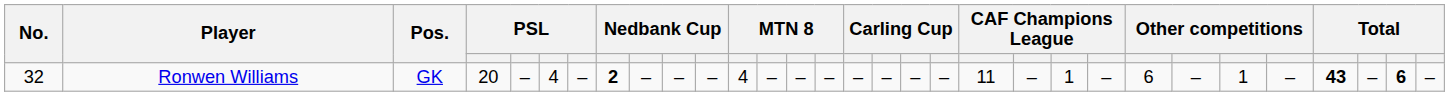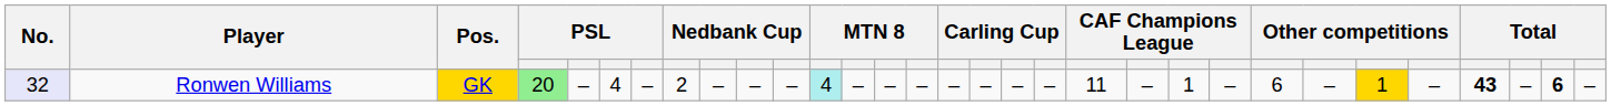 <table class="wikitable sortable alternance" style="text-align:center;width:100%">
 <tr>
 <th rowspan="2" style="width:5px">No.</th>
 <th rowspan="2" style="width:180px">Player</th>
 <th rowspan="2" style="width:5px">Pos.</th>
 <th colspan="4">PSL</th>
 <th colspan="4">Nedbank Cup</th>
 <th colspan="4">MTN 8</th>
 <th colspan="4">Carling Cup</th>
 <th colspan="4">CAF Champions League</th>
 <th colspan="4">Other competitions</th>
 <th colspan="4">Total</th>
 </tr>
 <tr style="text-align:center">
 <th width="4"></th>
 <th width="4"></th>
 <th width="4"></th>
 <th width="4"></th>
 <th width="4"></th>
 <th width="4"></th>
 <th width="4"></th>
 <th width="4"></th>
 <th width="4"></th>
 <th width="4"></th>
 <th width="4"></th>
 <th width="4"></th>
 <th width="4"></th>
 <th width="4"></th>
 <th width="4"></th>
 <th width="4"></th>
 <th width="4"></th>
 <th width="4"></th>
 <th width="4"></th>
 <th width="4"></th>
 <th width="4"></th>
 <th width="4"></th>
 <th width="4"></th>
 <th width="4"></th>
 <th width="4"></th>
 <th width="4"></th>
 <th width="4"></th>
 <th width="4"></th>
 </tr>
 <tr>
-<td>32</td>
+<td style="background: lavender;">32</td>
 <td> <a href='#'>Ronwen Williams</a></td>
-<td><a href='#'>GK</a></td>
-<td>20</td>
+<td style="background: gold;"><a href='#'>GK</a></td>
+<td style="background: lightgreen;">20</td>
 <td>–</td>
 <td>4</td>
 <td>–</td>
-<td><strong>2</strong></td>
+<td>2</td>
 <td>–</td>
 <td>–</td>
 <td>–</td>
-<td>4</td>
+<td style="background: paleturquoise;">4</td>
 <td>–</td>
 <td>–</td>
 <td>–</td>
 <td>–</td>
 <td>–</td>
 <td>–</td>
 <td>–</td>
 <td>11</td>
 <td>–</td>
 <td>1</td>
 <td>–</td>
 <td>6</td>
 <td>–</td>
-<td>1</td>
+<td style="background: gold;">1</td>
 <td>–</td>
 <td><strong>43</strong></td>
 <td>–</td>
 <td><strong>6</strong></td>
 <td>–</td>
 </tr>
 </table>
